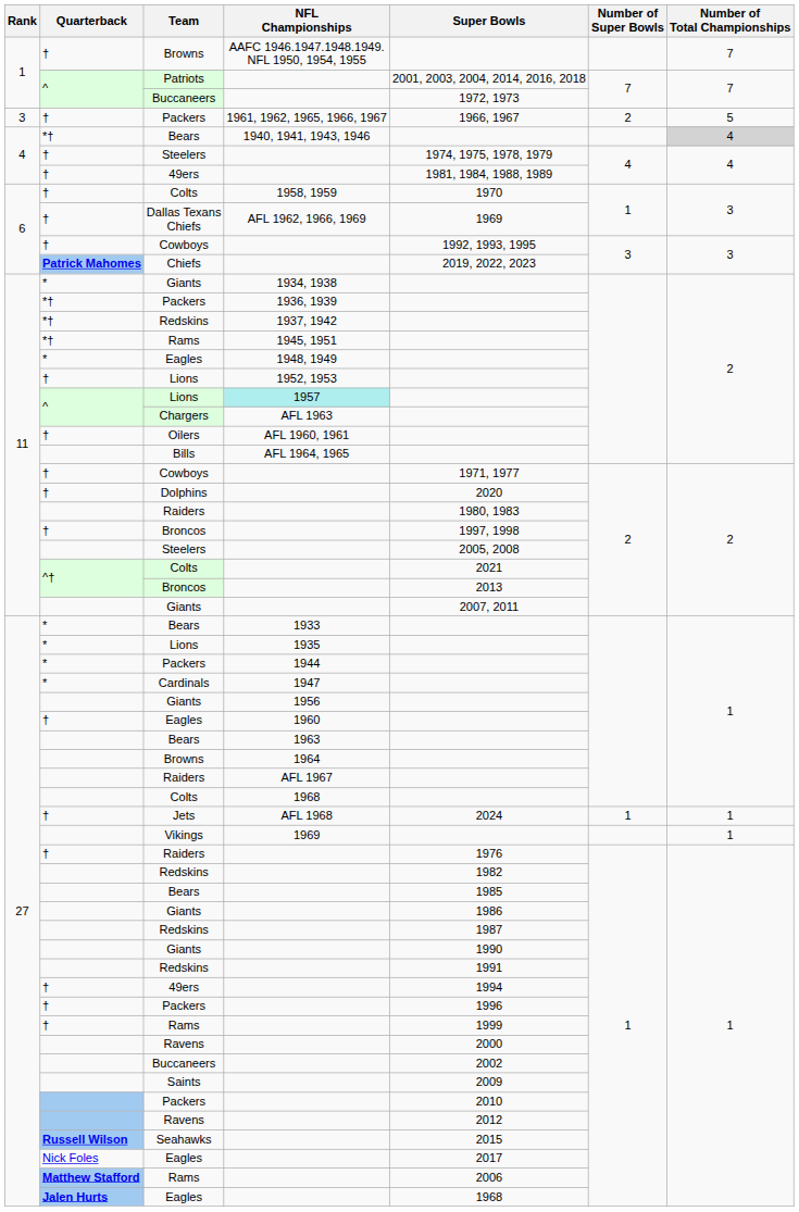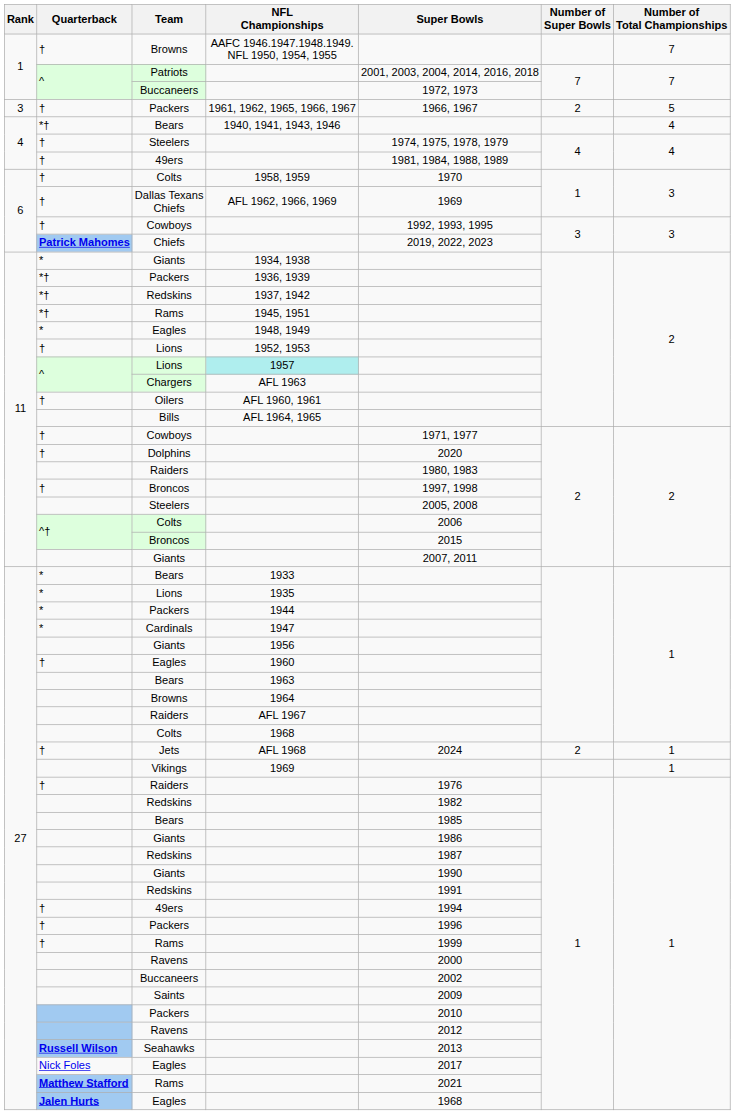 <table class="wikitable sortable" width="auto">
 <tr>
 <th>Rank</th>
 <th>Quarterback</th>
 <th>Team</th>
 <th>NFL<br>Championships</th>
 <th>Super Bowls</th>
 <th>Number of<br>Super Bowls</th>
 <th>Number of<br>Total Championships</th>
 </tr>
 <tr style="text-align:center">
 <td rowspan=3>1</td>
 <td style="text-align:left">†</td>
 <td data-sort-value="Browns A ">Browns</td>
 <td data-sort-value="1946">AAFC 1946.1947.1948.1949.<br> NFL 1950, 1954, 1955</td>
 <td data-sort-value="1946"></td>
 <td></td>
 <td>7</td>
 </tr>
 <tr style="text-align:center">
 <td rowspan="2" style="text-align:left; background:#DDFFDD"> ^</td>
 <td data-sort-value="Patriots P" style="background:#DDFFDD">Patriots</td>
 <td data-sort-value="2001"></td>
 <td>2001, 2003, 2004, 2014, 2016, 2018</td>
 <td rowspan=2>7</td>
 <td rowspan=2>7</td>
 </tr>
 <tr style="text-align:center">
 <td data-sort-value="Buccaneers B" style="background:#DDFFDD">Buccaneers</td>
 <td data-sort-value="2020"></td>
 <td data-sort-value="1972">1972, 1973</td>
 </tr>
 <tr style="text-align:center">
 <td>3</td>
 <td style="text-align:left">†</td>
 <td data-sort-value="Packers C">Packers</td>
 <td data-sort-value="1961">1961, 1962, 1965, 1966, 1967</td>
 <td data-sort-value="1966">1966, 1967</td>
 <td>2</td>
 <td>5</td>
 </tr>
 <tr style="text-align:center">
 <td rowspan=3>4</td>
 <td style="text-align:left">*†</td>
 <td data-sort-value="Bears B ">Bears</td>
 <td data-sort-value="1940">1940, 1941, 1943, 1946</td>
 <td data-sort-value="1940"></td>
 <td></td>
-<td style="background: lightgrey;">4</td>
+<td>4</td>
 </tr>
 <tr style="text-align:center">
 <td style="text-align:left">†</td>
 <td data-sort-value="Steelers A">Steelers</td>
 <td data-sort-value="1974"></td>
 <td data-sort-value="1974">1974, 1975, 1978, 1979</td>
 <td rowspan=2>4</td>
 <td rowspan=2>4</td>
 </tr>
 <tr style="text-align:center">
 <td style="text-align:left">†</td>
 <td data-sort-value="49ers A">49ers</td>
 <td data-sort-value="1981"></td>
 <td data-sort-value="1981">1981, 1984, 1988, 1989</td>
 </tr>
 <tr style="text-align:center">
 <td rowspan=4>6</td>
 <td style="text-align:left">†</td>
 <td data-sort-value="Colts A">Colts</td>
 <td data-sort-value="1958">1958, 1959</td>
 <td>1970</td>
 <td rowspan=2>1</td>
 <td rowspan=2>3</td>
 </tr>
 <tr style="text-align:center">
 <td style="text-align:left">†</td>
 <td data-sort-value="Chiefs A">Dallas Texans <br> Chiefs</td>
 <td data-sort-value="1969.1962 ">AFL 1962, 1966, 1969</td>
 <td>1969</td>
 </tr>
 <tr style="text-align:center">
 <td style="text-align:left">†</td>
 <td data-sort-value="Cowboys B">Cowboys</td>
 <td data-sort-value="1992"></td>
 <td data-sort-value="1992">1992, 1993, 1995</td>
 <td rowspan=2>3</td>
 <td rowspan=2>3</td>
 </tr>
 <tr style="text-align:center">
 <td style="text-align:left; background:#A1CAF1" data-sort-value="Mahomes"><strong><a href='#'>Patrick Mahomes</a></strong></td>
 <td data-sort-value="Chiefs B">Chiefs</td>
 <td data-sort-value="2019"></td>
 <td>2019, 2022, 2023</td>
 </tr>
 <tr style="text-align:center">
 <td rowspan="18">11</td>
 <td style="text-align:left">*</td>
 <td data-sort-value="Giants A ">Giants</td>
 <td data-sort-value="1934">1934, 1938</td>
 <td data-sort-value="1934"></td>
 <td rowspan=10></td>
 <td rowspan=10>2</td>
 </tr>
 <tr style="text-align:center">
 <td style="text-align:left"> *†</td>
 <td data-sort-value="Packers A">Packers</td>
 <td data-sort-value="1936">1936, 1939</td>
 <td data-sort-value="1936"></td>
 </tr>
 <tr style="text-align:center">
 <td style="text-align:left"> *†</td>
 <td data-sort-value=" Redskins A">Redskins</td>
 <td data-sort-value="1937">1937, 1942</td>
 <td data-sort-value="1937"></td>
 </tr>
 <tr style="text-align:center">
 <td style="text-align:left">*†</td>
 <td data-sort-value=" Rams A">Rams</td>
 <td data-sort-value="1945">1945, 1951</td>
 <td data-sort-value="1945"></td>
 </tr>
 <tr style="text-align:center">
 <td style="text-align:left">*</td>
 <td data-sort-value="Eagles A">Eagles</td>
 <td data-sort-value="1948">1948, 1949</td>
 <td data-sort-value="1948"></td>
 </tr>
 <tr style="text-align:center">
 <td style="text-align:left">†</td>
 <td data-sort-value="Lions B">Lions</td>
 <td data-sort-value="1952">1952, 1953</td>
 <td data-sort-value="1952"></td>
 </tr>
 <tr style="text-align:center">
 <td rowspan="2" style="text-align:left; background:#DDFFDD"> ^</td>
 <td data-sort-value="Lions C" style="background:#DDFFDD">Lions</td>
 <td style="background: paleturquoise;">1957</td>
 <td data-sort-value="1957"></td>
 </tr>
 <tr style="text-align:center">
 <td style="background:#DDFFDD">Chargers</td>
 <td data-sort-value="1969.1963">AFL 1963</td>
 <td data-sort-value="1963"></td>
 </tr>
 <tr style="text-align:center">
 <td style="text-align:left">†</td>
 <td>Oilers</td>
 <td data-sort-value="1969.1960">AFL 1960, 1961</td>
 <td data-sort-value="1960"></td>
 </tr>
 <tr style="text-align:center">
 <td style="text-align:left"></td>
 <td>Bills</td>
 <td data-sort-value="1969.1964 ">AFL 1964, 1965</td>
 <td data-sort-value="1964"></td>
 </tr>
 <tr style="text-align:center">
 <td style="text-align:left">†</td>
 <td data-sort-value="Cowboys A">Cowboys</td>
 <td data-sort-value="1971"></td>
 <td data-sort-value="1971">1971, 1977</td>
 <td rowspan=8>2</td>
 <td rowspan=8>2</td>
 </tr>
 <tr style="text-align:center">
 <td style="text-align:left">†</td>
 <td>Dolphins</td>
 <td data-sort-value="1972"></td>
 <td>2020</td>
 </tr>
 <tr style="text-align:center">
 <td style="text-align:left"></td>
 <td data-sort-value="Raiders C">Raiders</td>
 <td data-sort-value="1980"></td>
 <td data-sort-value="1980">1980, 1983</td>
 </tr>
 <tr style="text-align:center">
 <td style="text-align:left">†</td>
 <td data-sort-value="Broncos A ">Broncos</td>
 <td data-sort-value="1997"></td>
 <td data-sort-value="1997">1997, 1998</td>
 </tr>
 <tr style="text-align:center">
 <td style="text-align:left"></td>
 <td data-sort-value="Steelers B">Steelers</td>
 <td data-sort-value="2005"></td>
 <td data-sort-value="2005">2005, 2008</td>
 </tr>
 <tr style="text-align:center">
 <td style="text-align:left; background:#DDFFDD" rowspan="2"> ^†</td>
 <td data-sort-value="Colts C" style="background:#DDFFDD">Colts</td>
 <td data-sort-value="2006"></td>
-<td>2021</td>
+<td>2006</td>
 </tr>
 <tr style="text-align:center">
 <td data-sort-value="Broncos B" style="background:#DDFFDD">Broncos</td>
 <td data-sort-value="2015"></td>
-<td>2013</td>
+<td>2015</td>
 </tr>
 <tr style="text-align:center">
 <td style="text-align:left"></td>
 <td data-sort-value="Giants E">Giants</td>
 <td data-sort-value="2007"></td>
 <td data-sort-value="2007">2007, 2011</td>
 </tr>
 <tr style="text-align:center">
 <td rowspan="31">27</td>
 <td style="text-align:left">*</td>
 <td data-sort-value="Bears A ">Bears</td>
 <td>1933</td>
 <td data-sort-value="1933"></td>
 <td rowspan=10></td>
 <td rowspan=10>1</td>
 </tr>
 <tr style="text-align:center">
 <td style="text-align:left">*</td>
 <td data-sort-value="Lions A">Lions</td>
 <td>1935</td>
 <td data-sort-value="1935"></td>
 </tr>
 <tr style="text-align:center">
 <td style="text-align:left"> *</td>
 <td data-sort-value="Packers B">Packers</td>
 <td>1944</td>
 <td data-sort-value="1944"></td>
 </tr>
 <tr style="text-align:center">
 <td style="text-align:left"> *</td>
 <td>Cardinals</td>
 <td>1947</td>
 <td data-sort-value="1947"></td>
 </tr>
 <tr style="text-align:center">
 <td style="text-align:left"></td>
 <td data-sort-value="Giants B ">Giants</td>
 <td>1956</td>
 <td data-sort-value="1956"></td>
 </tr>
 <tr style="text-align:center">
 <td style="text-align:left">†</td>
 <td data-sort-value="Eagles B">Eagles</td>
 <td>1960</td>
 <td data-sort-value="1960"></td>
 </tr>
 <tr style="text-align:center">
 <td style="text-align:left"></td>
 <td data-sort-value="Bears C ">Bears</td>
 <td>1963</td>
 <td data-sort-value="1963"></td>
 </tr>
 <tr style="text-align:center">
 <td style="text-align:left"></td>
 <td data-sort-value=" Browns B">Browns</td>
 <td>1964</td>
 <td data-sort-value="1964"></td>
 </tr>
 <tr style="text-align:center">
 <td style="text-align:left"></td>
 <td data-sort-value=" Raiders A">Raiders</td>
 <td data-sort-value=" 1969.1967 ">AFL 1967</td>
 <td data-sort-value=" 1967 "></td>
 </tr>
 <tr style="text-align:center">
 <td style="text-align:left"></td>
 <td data-sort-value="Colts B">Colts</td>
 <td>1968</td>
 <td data-sort-value="1968"></td>
 </tr>
 <tr style="text-align:center">
 <td style="text-align:left">†</td>
 <td data-sort-value="Jets">Jets</td>
 <td data-sort-value="1969.1968 ">AFL 1968</td>
 <td>2024</td>
-<td>1</td>
+<td>2</td>
 <td>1</td>
 </tr>
 <tr style="text-align:center">
 <td style="text-align:left"></td>
 <td>Vikings</td>
 <td>1969</td>
 <td data-sort-value="1969"></td>
 <td></td>
 <td>1</td>
 </tr>
 <tr style="text-align:center">
 <td style="text-align:left">†</td>
 <td data-sort-value=" Raiders B">Raiders</td>
 <td data-sort-value="1976"></td>
 <td>1976</td>
 <td rowspan=19>1</td>
 <td rowspan=19>1</td>
 </tr>
 <tr style="text-align:center">
 <td style="text-align:left"></td>
 <td data-sort-value=" Redskins  B">Redskins</td>
 <td data-sort-value="1982"></td>
 <td>1982</td>
 </tr>
 <tr style="text-align:center">
 <td style="text-align:left"></td>
 <td data-sort-value="Bears D ">Bears</td>
 <td data-sort-value="1985"></td>
 <td>1985</td>
 </tr>
 <tr style="text-align:center">
 <td style="text-align:left"></td>
 <td data-sort-value="Giants C ">Giants</td>
 <td data-sort-value="1986"></td>
 <td>1986</td>
 </tr>
 <tr style="text-align:center">
 <td style="text-align:left"></td>
 <td data-sort-value=" Redskins  C">Redskins</td>
 <td data-sort-value="1987"></td>
 <td>1987</td>
 </tr>
 <tr style="text-align:center">
 <td style="text-align:left"></td>
 <td data-sort-value="Giants D ">Giants</td>
 <td data-sort-value="1990"></td>
 <td>1990</td>
 </tr>
 <tr style="text-align:center">
 <td style="text-align:left"></td>
 <td data-sort-value=" Redskins  D">Redskins</td>
 <td data-sort-value="1991"></td>
 <td>1991</td>
 </tr>
 <tr style="text-align:center">
 <td style="text-align:left">†</td>
 <td data-sort-value="49ers B">49ers</td>
 <td data-sort-value="1994"></td>
 <td>1994</td>
 </tr>
 <tr style="text-align:center">
 <td style="text-align:left">†</td>
 <td data-sort-value="Packers D">Packers</td>
 <td data-sort-value="1996"></td>
 <td>1996</td>
 </tr>
 <tr style="text-align:center">
 <td style="text-align:left">†</td>
 <td data-sort-value=" Rams B">Rams</td>
 <td data-sort-value="1999"></td>
 <td>1999</td>
 </tr>
 <tr style="text-align:center">
 <td style="text-align:left"></td>
 <td data-sort-value=" Ravens A">Ravens</td>
 <td data-sort-value="2000"></td>
 <td>2000</td>
 </tr>
 <tr style="text-align:center">
 <td style="text-align:left"></td>
 <td>Buccaneers</td>
 <td data-sort-value="2002"></td>
 <td>2002</td>
 </tr>
 <tr style="text-align:center">
 <td style="text-align:left;"></td>
 <td>Saints</td>
 <td data-sort-value="2009"></td>
 <td>2009</td>
 </tr>
 <tr style="text-align:center">
 <td style="text-align:left; background:#A1CAF1"><strong></strong></td>
 <td data-sort-value="Packers E">Packers</td>
 <td data-sort-value="2010"></td>
 <td>2010</td>
 </tr>
 <tr style="text-align:center">
 <td style="text-align:left; background:#A1CAF1"><strong></strong></td>
 <td data-sort-value="Ravens B">Ravens</td>
 <td data-sort-value="2012"></td>
 <td>2012</td>
 </tr>
 <tr style="text-align:center">
 <td style="text-align:left; background:#A1CAF1" data-sort-value="Wilson, Russell"><strong><a href='#'>Russell Wilson</a></strong></td>
 <td>Seahawks</td>
 <td data-sort-value="2013"></td>
-<td>2015</td>
+<td>2013</td>
 </tr>
 <tr style="text-align:center">
 <td style="text-align:left " data-sort-value="Foles, Nick"><a href='#'>Nick Foles</a></td>
 <td data-sort-value="Eagles C">Eagles</td>
 <td data-sort-value="2017"></td>
 <td>2017</td>
 </tr>
 <tr style="text-align:center">
 <td style="text-align:left; background:#A1CAF1" data-sort-value="Stafford"><strong><a href='#'>Matthew Stafford</a></strong></td>
 <td data-sort-value=" Rams C">Rams</td>
 <td data-sort-value="2021"></td>
-<td>2006</td>
+<td>2021</td>
 </tr>
 <tr style="text-align:center">
 <td style="text-align:left; background:#A1CAF1" data-sort-value="Hurts"><strong><a href='#'>Jalen Hurts</a></strong></td>
 <td data-sort-value=" Eagles D">Eagles</td>
 <td data-sort-value="2024"></td>
 <td data-sort-value="1968">1968</td>
 </tr>
 </table>
